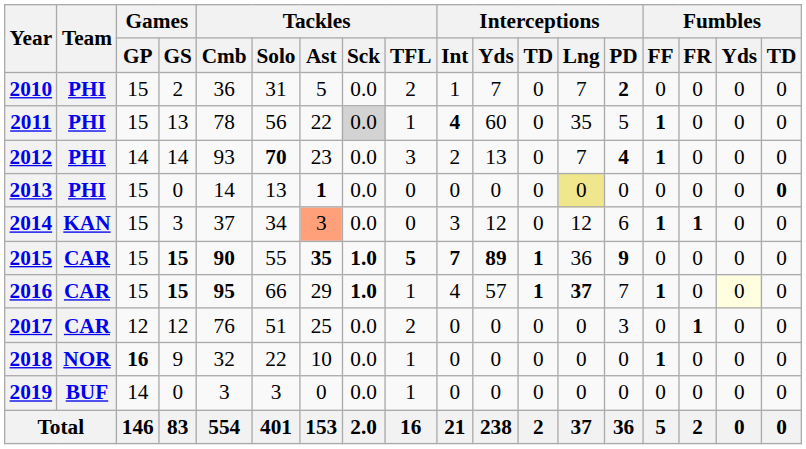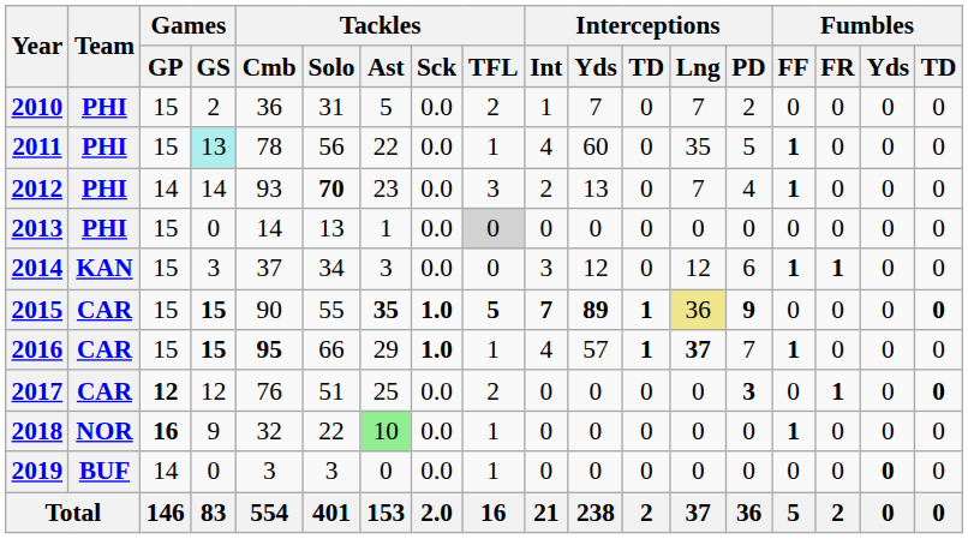 <table class="wikitable" style="text-align:center">
 <tr>
 <th rowspan="2">Year</th>
 <th rowspan="2">Team</th>
 <th colspan="2">Games</th>
 <th colspan="5">Tackles</th>
 <th colspan="5">Interceptions</th>
 <th colspan="4">Fumbles</th>
 </tr>
 <tr>
 <th>GP</th>
 <th>GS</th>
 <th>Cmb</th>
 <th>Solo</th>
 <th>Ast</th>
 <th>Sck</th>
 <th>TFL</th>
 <th>Int</th>
 <th>Yds</th>
 <th>TD</th>
 <th>Lng</th>
 <th>PD</th>
 <th>FF</th>
 <th>FR</th>
 <th>Yds</th>
 <th>TD</th>
 </tr>
 <tr>
 <th><a href='#'>2010</a></th>
 <th><a href='#'>PHI</a></th>
 <td>15</td>
 <td>2</td>
 <td>36</td>
 <td>31</td>
 <td>5</td>
 <td>0.0</td>
 <td>2</td>
 <td>1</td>
 <td>7</td>
 <td>0</td>
 <td>7</td>
-<td><strong>2</strong></td>
+<td>2</td>
 <td>0</td>
 <td>0</td>
 <td>0</td>
 <td>0</td>
 </tr>
 <tr>
 <th><a href='#'>2011</a></th>
 <th><a href='#'>PHI</a></th>
 <td>15</td>
-<td>13</td>
+<td style="background: paleturquoise;">13</td>
 <td>78</td>
 <td>56</td>
 <td>22</td>
-<td style="background: lightgrey;">0.0</td>
+<td>0.0</td>
 <td>1</td>
-<td><strong>4</strong></td>
+<td>4</td>
 <td>60</td>
 <td>0</td>
 <td>35</td>
 <td>5</td>
 <td><strong>1</strong></td>
 <td>0</td>
 <td>0</td>
 <td>0</td>
 </tr>
 <tr>
 <th><a href='#'>2012</a></th>
 <th><a href='#'>PHI</a></th>
 <td>14</td>
 <td>14</td>
 <td>93</td>
 <td><strong>70</strong></td>
 <td>23</td>
 <td>0.0</td>
 <td>3</td>
 <td>2</td>
 <td>13</td>
 <td>0</td>
 <td>7</td>
-<td><strong>4</strong></td>
+<td>4</td>
 <td><strong>1</strong></td>
 <td>0</td>
 <td>0</td>
 <td>0</td>
 </tr>
 <tr>
 <th><a href='#'>2013</a></th>
 <th><a href='#'>PHI</a></th>
 <td>15</td>
 <td>0</td>
 <td>14</td>
 <td>13</td>
-<td><strong>1</strong></td>
+<td>1</td>
 <td>0.0</td>
+<td style="background: lightgrey;">0</td>
 <td>0</td>
 <td>0</td>
 <td>0</td>
 <td>0</td>
-<td style="background: khaki;">0</td>
 <td>0</td>
 <td>0</td>
 <td>0</td>
 <td>0</td>
-<td><strong>0</strong></td>
+<td>0</td>
 </tr>
 <tr>
 <th><a href='#'>2014</a></th>
 <th><a href='#'>KAN</a></th>
 <td>15</td>
 <td>3</td>
 <td>37</td>
 <td>34</td>
-<td style="background: lightsalmon;">3</td>
+<td>3</td>
 <td>0.0</td>
 <td>0</td>
 <td>3</td>
 <td>12</td>
 <td>0</td>
 <td>12</td>
 <td>6</td>
 <td><strong>1</strong></td>
 <td><strong>1</strong></td>
 <td>0</td>
 <td>0</td>
 </tr>
 <tr>
 <th><a href='#'>2015</a></th>
 <th><a href='#'>CAR</a></th>
 <td>15</td>
 <td><strong>15</strong></td>
-<td><strong>90</strong></td>
+<td>90</td>
 <td>55</td>
 <td><strong>35</strong></td>
 <td><strong>1.0</strong></td>
 <td><strong>5</strong></td>
 <td><strong>7</strong></td>
 <td><strong>89</strong></td>
 <td><strong>1</strong></td>
-<td>36</td>
+<td style="background: khaki;">36</td>
 <td><strong>9</strong></td>
 <td>0</td>
 <td>0</td>
 <td>0</td>
-<td>0</td>
+<td><strong>0</strong></td>
 </tr>
 <tr>
 <th><a href='#'>2016</a></th>
 <th><a href='#'>CAR</a></th>
 <td>15</td>
 <td><strong>15</strong></td>
 <td><strong>95</strong></td>
 <td>66</td>
 <td>29</td>
 <td><strong>1.0</strong></td>
 <td>1</td>
 <td>4</td>
 <td>57</td>
 <td><strong>1</strong></td>
 <td><strong>37</strong></td>
 <td>7</td>
 <td><strong>1</strong></td>
 <td>0</td>
-<td style="background: lightyellow;">0</td>
+<td>0</td>
 <td>0</td>
 </tr>
 <tr>
 <th><a href='#'>2017</a></th>
 <th><a href='#'>CAR</a></th>
-<td>12</td>
+<td><strong>12</strong></td>
 <td>12</td>
 <td>76</td>
 <td>51</td>
 <td>25</td>
 <td>0.0</td>
 <td>2</td>
 <td>0</td>
 <td>0</td>
 <td>0</td>
 <td>0</td>
-<td>3</td>
+<td><strong>3</strong></td>
 <td>0</td>
 <td><strong>1</strong></td>
 <td>0</td>
-<td>0</td>
+<td><strong>0</strong></td>
 </tr>
 <tr>
 <th><a href='#'>2018</a></th>
 <th><a href='#'>NOR</a></th>
 <td><strong>16</strong></td>
 <td>9</td>
 <td>32</td>
 <td>22</td>
-<td>10</td>
+<td style="background: lightgreen;">10</td>
 <td>0.0</td>
 <td>1</td>
 <td>0</td>
 <td>0</td>
 <td>0</td>
 <td>0</td>
 <td>0</td>
 <td><strong>1</strong></td>
 <td>0</td>
 <td>0</td>
 <td>0</td>
 </tr>
 <tr>
 <th><a href='#'>2019</a></th>
 <th><a href='#'>BUF</a></th>
 <td>14</td>
 <td>0</td>
 <td>3</td>
 <td>3</td>
 <td>0</td>
 <td>0.0</td>
 <td>1</td>
 <td>0</td>
 <td>0</td>
 <td>0</td>
 <td>0</td>
 <td>0</td>
 <td>0</td>
 <td>0</td>
-<td>0</td>
+<td><strong>0</strong></td>
 <td>0</td>
 </tr>
 <tr>
 <th colspan="2">Total</th>
 <th>146</th>
 <th>83</th>
 <th>554</th>
 <th>401</th>
 <th>153</th>
 <th>2.0</th>
 <th>16</th>
 <th>21</th>
 <th>238</th>
 <th>2</th>
 <th>37</th>
 <th>36</th>
 <th>5</th>
 <th>2</th>
 <th>0</th>
 <th>0</th>
 </tr>
 </table>
